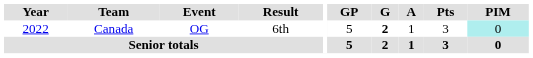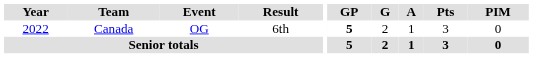 <table border="0" cellpadding="1" cellspacing="0" ID="Table3" style="text-align:center; width:40em">
 <tr ALIGN="centre" bgcolor="#e0e0e0">
 <th>Year</th>
 <th>Team</th>
 <th>Event</th>
 <th>Result</th>
 <th rowspan="99" bgcolor="#ffffff"></th>
 <th>GP</th>
 <th>G</th>
 <th>A</th>
 <th>Pts</th>
 <th>PIM</th>
 </tr>
 <tr>
 <td><a href='#'>2022</a></td>
 <td><a href='#'>Canada</a></td>
 <td><a href='#'>OG</a></td>
 <td>6th</td>
-<td>5</td>
-<td><strong>2</strong></td>
+<td><strong>5</strong></td>
+<td>2</td>
 <td>1</td>
 <td>3</td>
-<td style="background: paleturquoise;">0</td>
+<td>0</td>
 </tr>
 <tr bgcolor="#e0e0e0">
 <th colspan="4">Senior totals</th>
 <th>5</th>
 <th>2</th>
 <th>1</th>
 <th>3</th>
 <th>0</th>
 </tr>
 </table>
